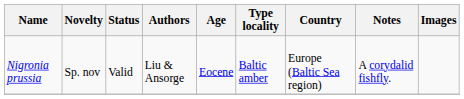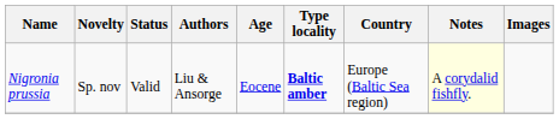 <table class="wikitable sortable" align="center" width="100%">
 <tr>
 <th>Name</th>
 <th>Novelty</th>
 <th>Status</th>
 <th>Authors</th>
 <th>Age</th>
 <th>Type locality</th>
 <th>Country</th>
 <th>Notes</th>
 <th>Images</th>
 </tr>
 <tr>
 <td><br><em><a href='#'>Nigronia prussia</a></em></td>
 <td><br>Sp. nov</td>
 <td><br>Valid</td>
 <td><br>Liu & Ansorge</td>
 <td><br><a href='#'>Eocene</a></td>
-<td><br><a href='#'>Baltic amber</a></td>
+<td><strong><br><a href='#'>Baltic amber</a></strong></td>
 <td><br>Europe (<a href='#'>Baltic Sea</a> region)</td>
-<td><br>A <a href='#'>corydalid</a> <a href='#'>fishfly</a>.</td>
+<td style="background: lightyellow;"><br>A <a href='#'>corydalid</a> <a href='#'>fishfly</a>.</td>
 <td></td>
 </tr>
 <tr>
 </tr>
 </table>
